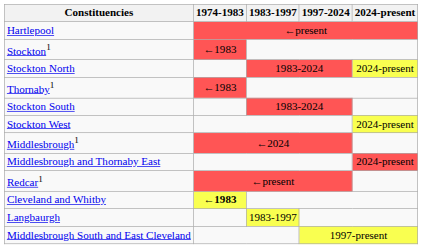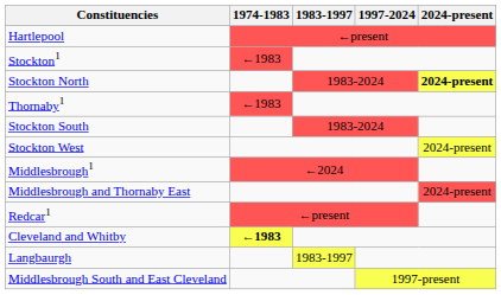 <table class="wikitable">
 <tr>
 <th>Constituencies</th>
 <th>1974-1983</th>
 <th>1983-1997</th>
 <th>1997-2024</th>
 <th>2024-present</th>
 </tr>
 <tr>
 <td><a href='#'>Hartlepool</a></td>
 <td colspan="4" align="center" bgcolor="#ff5555">←present</td>
 </tr>
 <tr>
 <td><a href='#'>Stockton</a><sup>1</sup></td>
 <td align="center" bgcolor="#ff5555">←1983</td>
 <td colspan="3"></td>
 </tr>
 <tr>
 <td><a href='#'>Stockton North</a></td>
 <td></td>
 <td colspan="2" align="center" bgcolor="#ff5555">1983-2024</td>
-<td align="center" bgcolor="#f9ff50">2024-present</td>
+<td align="center" bgcolor="#f9ff50"><strong>2024-present</strong></td>
 </tr>
 <tr>
 <td><a href='#'>Thornaby</a><sup>1</sup></td>
 <td align="center" bgcolor="#ff5555">←1983</td>
 <td colspan="3"></td>
 </tr>
 <tr>
 <td><a href='#'>Stockton South</a></td>
 <td></td>
 <td colspan="2" align="center" bgcolor="#ff5555">1983-2024</td>
 <td></td>
 </tr>
 <tr>
 <td><a href='#'>Stockton West</a></td>
 <td colspan="3"></td>
 <td align="center" bgcolor="#f9ff50">2024-present</td>
 </tr>
 <tr>
 <td><a href='#'>Middlesbrough</a><sup>1</sup></td>
 <td colspan="3" align="center" bgcolor="#ff5555">←2024</td>
 <td></td>
 </tr>
 <tr>
 <td><a href='#'>Middlesbrough and Thornaby East</a></td>
 <td colspan="3"></td>
 <td align="center" bgcolor="#ff5555">2024-present</td>
 </tr>
 <tr>
 <td><a href='#'>Redcar</a><sup>1</sup></td>
 <td colspan="3" align="center" bgcolor="#ff5555">←present</td>
 <td></td>
 </tr>
 <tr>
 <td><a href='#'>Cleveland and Whitby</a></td>
 <td align="center" bgcolor="#f9ff50"><strong>←1983</strong></td>
 <td colspan="3"></td>
 </tr>
 <tr>
 <td><a href='#'>Langbaurgh</a></td>
 <td></td>
 <td align="center" bgcolor="#f9ff50">1983-1997</td>
 <td colspan="2"></td>
 </tr>
 <tr>
 <td><a href='#'>Middlesbrough South and East Cleveland</a></td>
 <td colspan="2"></td>
 <td colspan="2" align="center" bgcolor="#f9ff50">1997-present</td>
 </tr>
 </table>
